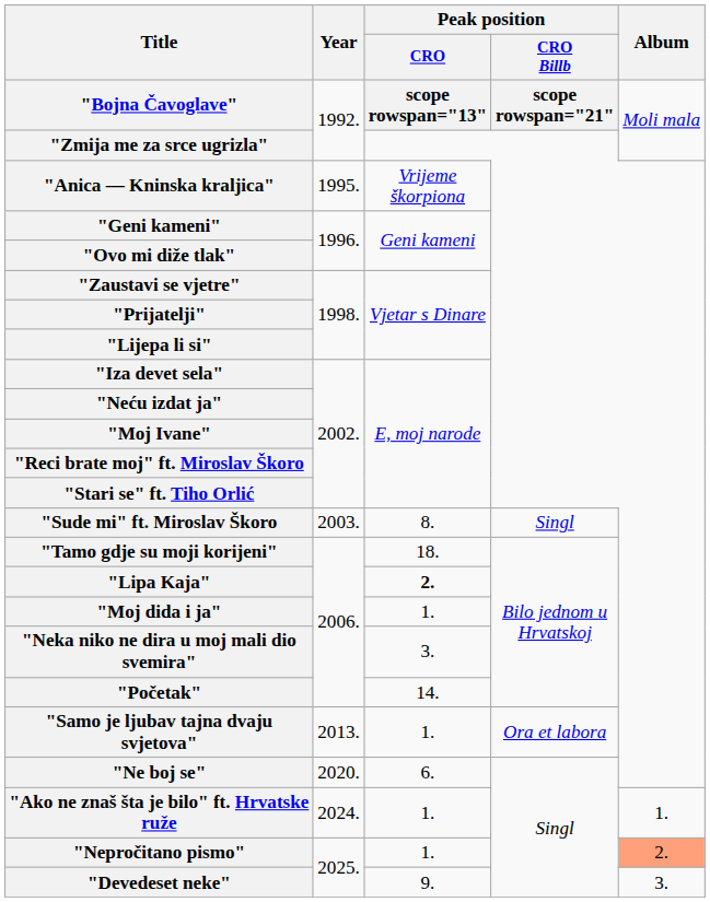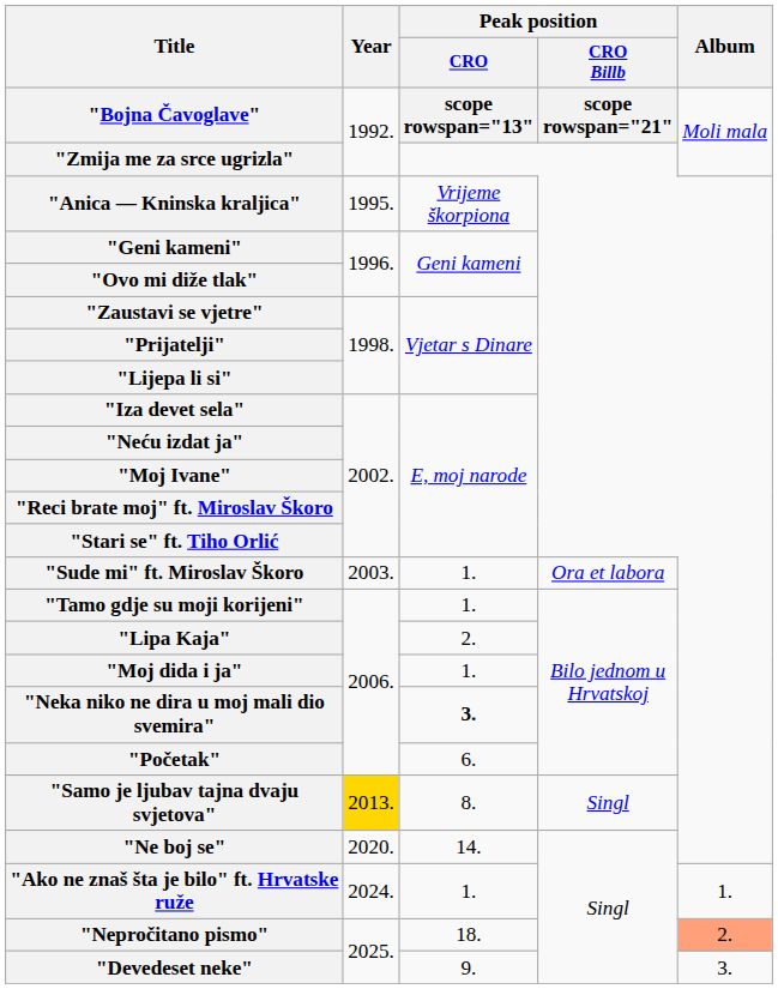 <table class="wikitable plainrowheaders" style="text-align:center;">
 <tr>
 <th scope="col" rowspan="2" style="width:16em;">Title</th>
 <th scope="col" rowspan="2" style="width:1em;">Year</th>
 <th scope="col" colspan="2">Peak position</th>
 <th scope="col" rowspan="2">Album</th>
 </tr>
 <tr>
 <th scope="col" style="width:3em;font-size:85%;"><a href='#'>CRO</a><br></th>
 <th scope="col" style="width:3em;font-size:85%;"><a href='#'>CRO<br><em>Billb</em></a><br></th>
 </tr>
 <tr>
 <th scope="row">"<a href='#'>Bojna Čavoglave</a>"</th>
 <td rowspan="2">1992.</td>
 <th>scope rowspan="13"</th>
 <th>scope rowspan="21"</th>
 <td rowspan="2"><em><a href='#'>Moli mala</a></em></td>
 </tr>
 <tr>
 <th scope="row">"Zmija me za srce ugrizla"</th>
 </tr>
 <tr>
 <th scope="row">"Anica — Kninska kraljica"</th>
 <td rowspan="1">1995.</td>
 <td rowspan="1"><em><a href='#'>Vrijeme škorpiona</a></em></td>
 </tr>
 <tr>
 <th scope="row">"Geni kameni"</th>
 <td rowspan="2">1996.</td>
 <td rowspan="2"><em><a href='#'>Geni kameni</a></em></td>
 </tr>
 <tr>
 <th scope="row">"Ovo mi diže tlak"</th>
 </tr>
 <tr>
 <th scope="row">"Zaustavi se vjetre"</th>
 <td rowspan="3">1998.</td>
 <td rowspan="3"><em><a href='#'>Vjetar s Dinare</a></em></td>
 </tr>
 <tr>
 <th scope="row">"Prijatelji"</th>
 </tr>
 <tr>
 <th scope="row">"Lijepa li si"</th>
 </tr>
 <tr>
 <th scope="row">"Iza devet sela"</th>
 <td rowspan="5">2002.</td>
 <td rowspan="5"><em><a href='#'>E, moj narode</a></em></td>
 </tr>
 <tr>
 <th scope="row">"Neću izdat ja"</th>
 </tr>
 <tr>
 <th scope="row">"Moj Ivane"</th>
 </tr>
 <tr>
 <th scope="row">"Reci brate moj" ft. <a href='#'>Miroslav Škoro</a></th>
 </tr>
 <tr>
 <th scope="row">"Stari se" ft. <a href='#'>Tiho Orlić</a></th>
 </tr>
 <tr>
 <th scope="row">"Sude mi" ft. Miroslav Škoro</th>
 <td>2003.</td>
-<td>8.</td>
-<td><em><a href='#'>Singl</a></em></td>
+<td>1.</td>
+<td><em><a href='#'>Ora et labora</a></em></td>
 </tr>
 <tr>
 <th scope="row">"Tamo gdje su moji korijeni"</th>
 <td rowspan="5">2006.</td>
-<td>18.</td>
+<td>1.</td>
 <td rowspan="5"><em><a href='#'>Bilo jednom u Hrvatskoj</a></em></td>
 </tr>
 <tr>
 <th scope="row">"Lipa Kaja"</th>
-<td><strong>2.</strong></td>
+<td>2.</td>
 </tr>
 <tr>
 <th scope="row">"Moj dida i ja"</th>
 <td>1.</td>
 </tr>
 <tr>
 <th scope="row">"Neka niko ne dira u moj mali dio svemira"</th>
-<td>3.</td>
+<td><strong>3.</strong></td>
 </tr>
 <tr>
 <th scope="row">"Početak"</th>
-<td>14.</td>
+<td>6.</td>
 </tr>
 <tr>
 <th scope="row">"Samo je ljubav tajna dvaju svjetova"</th>
-<td rowspan="1">2013.</td>
-<td>1.</td>
-<td><em><a href='#'>Ora et labora</a></em></td>
+<td rowspan="1" style="background: gold;">2013.</td>
+<td>8.</td>
+<td><em><a href='#'>Singl</a></em></td>
 </tr>
 <tr>
 <th scope="row">"Ne boj se"</th>
 <td>2020.</td>
-<td>6.</td>
+<td>14.</td>
 <td rowspan="4"><em>Singl</em></td>
 </tr>
 <tr>
 <th scope="row">"Ako ne znaš šta je bilo" ft. <a href='#'>Hrvatske ruže</a></th>
 <td>2024.</td>
 <td>1.</td>
 <td>1.</td>
 </tr>
 <tr>
 <th scope="row">"Nepročitano pismo"</th>
 <td rowspan="2">2025.</td>
-<td>1.</td>
+<td>18.</td>
 <td style="background: lightsalmon;">2.</td>
 </tr>
 <tr>
 <th scope="row">"Devedeset neke"</th>
 <td>9.</td>
 <td>3.</td>
 </tr>
 <tr>
 </tr>
 </table>
